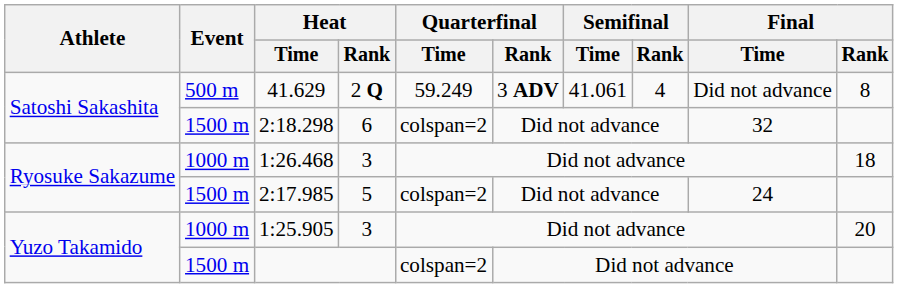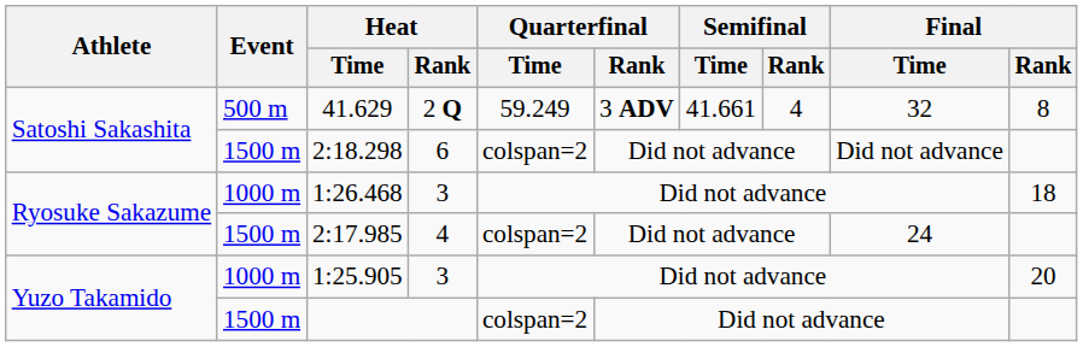 <table class="wikitable" style="font-size:90%">
 <tr>
 <th rowspan=2>Athlete</th>
 <th rowspan=2>Event</th>
 <th colspan=2>Heat</th>
 <th colspan=2>Quarterfinal</th>
 <th colspan=2>Semifinal</th>
 <th colspan=2>Final</th>
 </tr>
 <tr style="font-size:95%">
 <th>Time</th>
 <th>Rank</th>
 <th>Time</th>
 <th>Rank</th>
 <th>Time</th>
 <th>Rank</th>
 <th>Time</th>
 <th>Rank</th>
 </tr>
 <tr align=center>
 <td align=left rowspan=2><a href='#'>Satoshi Sakashita</a></td>
 <td align=left><a href='#'>500 m</a></td>
 <td>41.629</td>
 <td>2 <strong>Q</strong></td>
 <td>59.249</td>
 <td>3 <strong>ADV</strong></td>
-<td>41.061</td>
+<td>41.661</td>
 <td>4</td>
-<td>Did not advance</td>
+<td>32</td>
 <td>8</td>
 </tr>
 <tr align=center>
 <td align=left><a href='#'>1500 m</a></td>
 <td>2:18.298</td>
 <td>6</td>
 <td>colspan=2 </td>
 <td colspan=3>Did not advance</td>
-<td>32</td>
+<td>Did not advance</td>
 </tr>
 <tr align=center>
 <td align=left rowspan=2><a href='#'>Ryosuke Sakazume</a></td>
 <td align=left><a href='#'>1000 m</a></td>
 <td>1:26.468</td>
 <td>3</td>
 <td colspan=5>Did not advance</td>
 <td>18</td>
 </tr>
 <tr align=center>
 <td align=left><a href='#'>1500 m</a></td>
 <td>2:17.985</td>
-<td>5</td>
+<td>4</td>
 <td>colspan=2 </td>
 <td colspan=3>Did not advance</td>
 <td>24</td>
 </tr>
 <tr align=center>
 <td align=left rowspan=2><a href='#'>Yuzo Takamido</a></td>
 <td align=left><a href='#'>1000 m</a></td>
 <td>1:25.905</td>
 <td>3</td>
 <td colspan=5>Did not advance</td>
 <td>20</td>
 </tr>
 <tr align=center>
 <td align=left><a href='#'>1500 m</a></td>
 <td colspan=2></td>
 <td>colspan=2 </td>
 <td colspan=4>Did not advance</td>
 </tr>
 </table>
